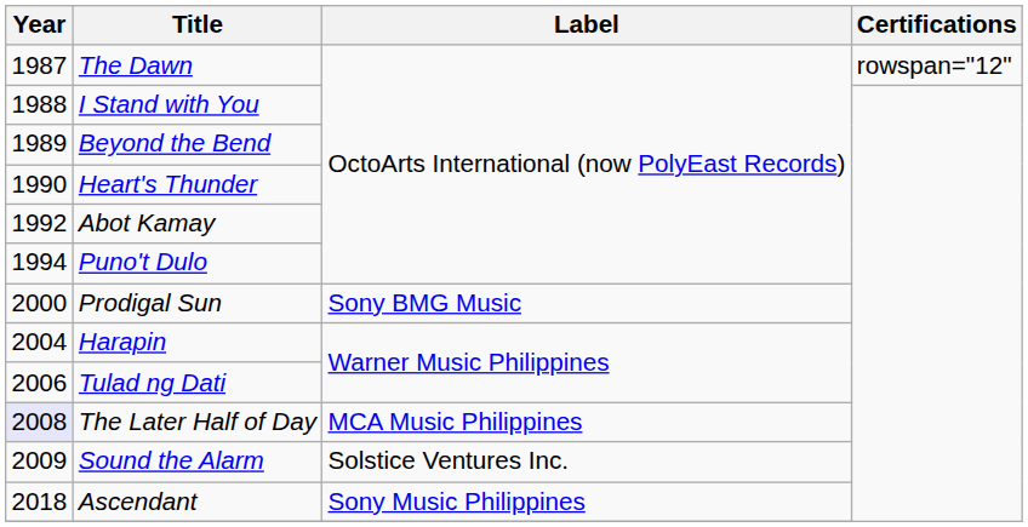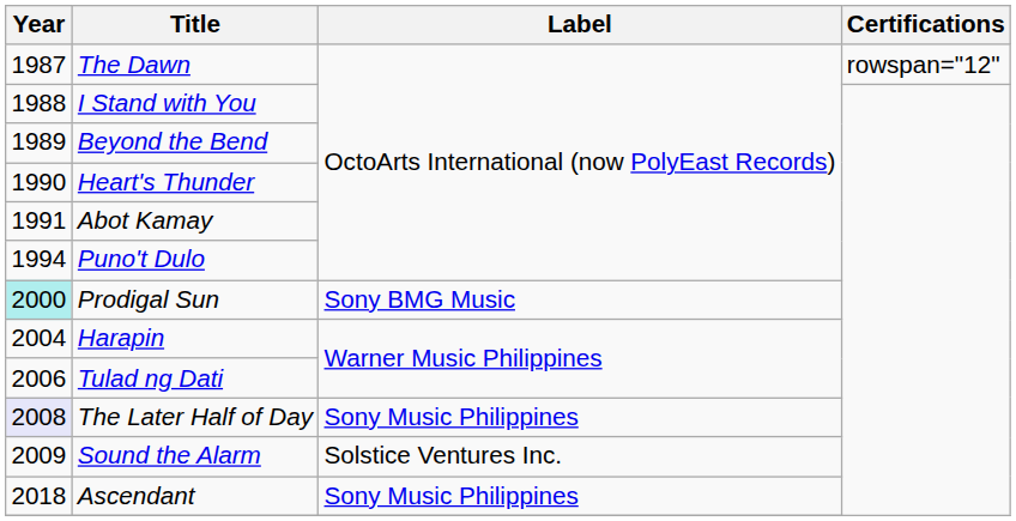 <table class="wikitable">
 <tr>
 <th><strong>Year</strong></th>
 <th><strong>Title</strong></th>
 <th><strong>Label</strong></th>
 <th><strong>Certifications</strong></th>
 </tr>
 <tr>
 <td>1987</td>
 <td><em><a href='#'>The Dawn</a></em></td>
 <td rowspan="6">OctoArts International (now <a href='#'>PolyEast Records</a>)</td>
 <td>rowspan="12" </td>
 </tr>
 <tr>
 <td>1988</td>
 <td><em><a href='#'>I Stand with You</a></em></td>
 </tr>
 <tr>
 <td>1989</td>
 <td><em><a href='#'>Beyond the Bend</a></em></td>
 </tr>
 <tr>
 <td>1990</td>
 <td><em><a href='#'>Heart's Thunder</a></em></td>
 </tr>
 <tr>
-<td>1992</td>
+<td>1991</td>
 <td><em>Abot Kamay</em></td>
 </tr>
 <tr>
 <td>1994</td>
 <td><em><a href='#'>Puno't Dulo</a></em></td>
 </tr>
 <tr>
-<td>2000</td>
+<td style="background: paleturquoise;">2000</td>
 <td><em>Prodigal Sun</em></td>
 <td><a href='#'>Sony BMG Music</a></td>
 </tr>
 <tr>
 <td>2004</td>
 <td><em><a href='#'>Harapin</a></em></td>
 <td rowspan="2"><a href='#'>Warner Music Philippines</a></td>
 </tr>
 <tr>
 <td>2006</td>
 <td><em><a href='#'>Tulad ng Dati</a></em></td>
 </tr>
 <tr>
 <td style="background: lavender;">2008</td>
 <td><em>The Later Half of Day</em></td>
-<td><a href='#'>MCA Music Philippines</a></td>
+<td><a href='#'>Sony Music Philippines</a></td>
 </tr>
 <tr>
 <td>2009</td>
 <td><em><a href='#'>Sound the Alarm</a></em></td>
 <td>Solstice Ventures Inc.</td>
 </tr>
 <tr>
 <td>2018</td>
 <td><em>Ascendant</em></td>
 <td><a href='#'>Sony Music Philippines</a></td>
 </tr>
 <tr>
 </tr>
 </table>
